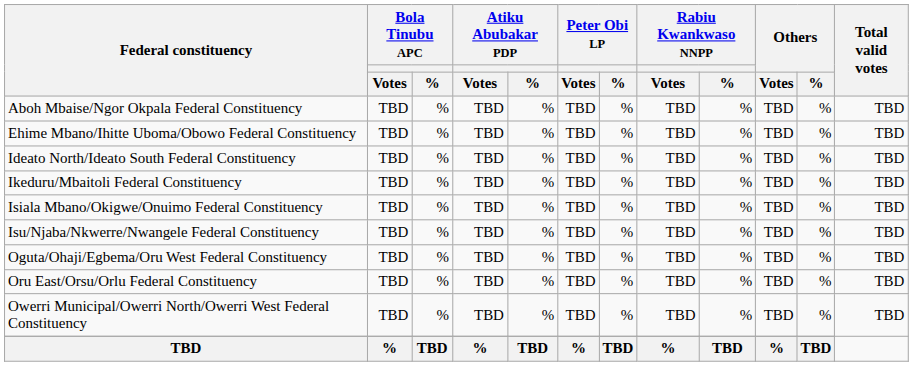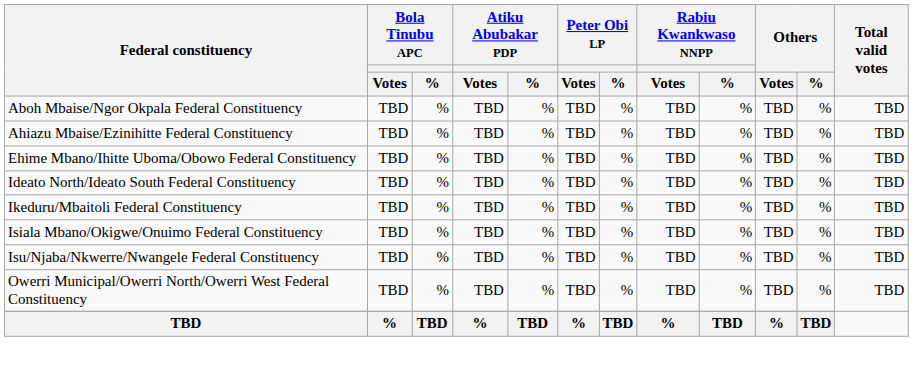 <table class="wikitable sortable" style="text-align:right; font-size:90%">
 <tr>
 <th rowspan="3" style="max-width:7.5em;">Federal constituency</th>
 <th colspan="2"><a href='#'>Bola Tinubu</a><br><small>APC</small></th>
 <th colspan="2"><a href='#'>Atiku Abubakar</a><br><small>PDP</small></th>
 <th colspan="2"><a href='#'>Peter Obi</a><br><small>LP</small></th>
 <th colspan="2"><a href='#'>Rabiu Kwankwaso</a><br><small>NNPP</small></th>
 <th colspan="2" rowspan="2">Others</th>
 <th rowspan="3" style="max-width:5em;">Total valid votes</th>
 </tr>
 <tr>
 <th colspan=2 style="background-color:"></th>
 <th colspan=2 style="background-color:"></th>
 <th colspan=2 style="background-color:"></th>
 <th colspan=2 style="background-color:"></th>
 </tr>
 <tr>
 <th>Votes</th>
 <th>%</th>
 <th>Votes</th>
 <th>%</th>
 <th>Votes</th>
 <th>%</th>
 <th>Votes</th>
 <th>%</th>
 <th>Votes</th>
 <th>%</th>
 </tr>
 <tr style="background-color:#">
 <td style="text-align:left;">Aboh Mbaise/Ngor Okpala Federal Constituency</td>
+<td>TBD</td>
+<td>%</td>
+<td>TBD</td>
+<td>%</td>
+<td>TBD</td>
+<td>%</td>
+<td>TBD</td>
+<td>%</td>
+<td>TBD</td>
+<td>%</td>
+<td>TBD</td>
+</tr>
+<tr style="background-color:#">
+<td style="text-align:left;">Ahiazu Mbaise/Ezinihitte Federal Constituency</td>
 <td>TBD</td>
 <td>%</td>
 <td>TBD</td>
 <td>%</td>
 <td>TBD</td>
 <td>%</td>
 <td>TBD</td>
 <td>%</td>
 <td>TBD</td>
 <td>%</td>
 <td>TBD</td>
 </tr>
 <tr style="background-color:#">
 <td style="text-align:left;">Ehime Mbano/Ihitte Uboma/Obowo Federal Constituency</td>
 <td>TBD</td>
 <td>%</td>
 <td>TBD</td>
 <td>%</td>
 <td>TBD</td>
 <td>%</td>
 <td>TBD</td>
 <td>%</td>
 <td>TBD</td>
 <td>%</td>
 <td>TBD</td>
 </tr>
 <tr style="background-color:#">
 <td style="text-align:left;">Ideato North/Ideato South Federal Constituency</td>
 <td>TBD</td>
 <td>%</td>
 <td>TBD</td>
 <td>%</td>
 <td>TBD</td>
 <td>%</td>
 <td>TBD</td>
 <td>%</td>
 <td>TBD</td>
 <td>%</td>
 <td>TBD</td>
 </tr>
 <tr style="background-color:#">
 <td style="text-align:left;">Ikeduru/Mbaitoli Federal Constituency</td>
 <td>TBD</td>
 <td>%</td>
 <td>TBD</td>
 <td>%</td>
 <td>TBD</td>
 <td>%</td>
 <td>TBD</td>
 <td>%</td>
 <td>TBD</td>
 <td>%</td>
 <td>TBD</td>
 </tr>
 <tr style="background-color:#">
 <td style="text-align:left;">Isiala Mbano/Okigwe/Onuimo Federal Constituency</td>
 <td>TBD</td>
 <td>%</td>
 <td>TBD</td>
 <td>%</td>
 <td>TBD</td>
 <td>%</td>
 <td>TBD</td>
 <td>%</td>
 <td>TBD</td>
 <td>%</td>
 <td>TBD</td>
 </tr>
 <tr style="background-color:#">
 <td style="text-align:left;">Isu/Njaba/Nkwerre/Nwangele Federal Constituency</td>
 <td>TBD</td>
 <td>%</td>
 <td>TBD</td>
 <td>%</td>
 <td>TBD</td>
 <td>%</td>
 <td>TBD</td>
 <td>%</td>
 <td>TBD</td>
 <td>%</td>
 <td>TBD</td>
 </tr>
 <tr style="background-color:#">
-<td style="text-align:left;">Oguta/Ohaji/Egbema/Oru West Federal Constituency</td>
-<td>TBD</td>
-<td>%</td>
-<td>TBD</td>
-<td>%</td>
-<td>TBD</td>
-<td>%</td>
-<td>TBD</td>
-<td>%</td>
-<td>TBD</td>
-<td>%</td>
-<td>TBD</td>
-</tr>
-<tr style="background-color:#">
-<td style="text-align:left;">Oru East/Orsu/Orlu Federal Constituency</td>
-<td>TBD</td>
-<td>%</td>
-<td>TBD</td>
-<td>%</td>
-<td>TBD</td>
-<td>%</td>
-<td>TBD</td>
-<td>%</td>
-<td>TBD</td>
-<td>%</td>
-<td>TBD</td>
-</tr>
-<tr style="background-color:#">
 <td style="text-align:left;">Owerri Municipal/Owerri North/Owerri West Federal Constituency</td>
 <td>TBD</td>
 <td>%</td>
 <td>TBD</td>
 <td>%</td>
 <td>TBD</td>
 <td>%</td>
 <td>TBD</td>
 <td>%</td>
 <td>TBD</td>
 <td>%</td>
 <td>TBD</td>
 </tr>
 <tr>
 </tr>
 <tr>
 <th>TBD</th>
 <th>%</th>
 <th>TBD</th>
 <th>%</th>
 <th>TBD</th>
 <th>%</th>
 <th>TBD</th>
 <th>%</th>
 <th>TBD</th>
 <th>%</th>
 <th>TBD</th>
 </tr>
 </table>
